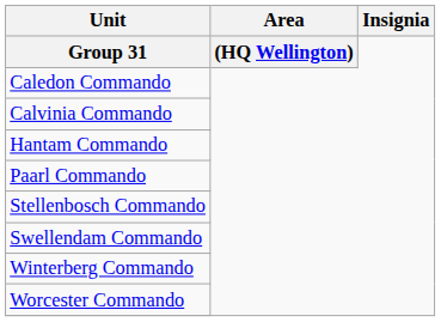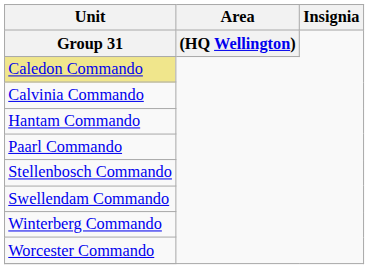 <table class="wikitable">
 <tr>
 <th>Unit</th>
 <th>Area</th>
 <th>Insignia</th>
 </tr>
 <tr>
 <th>Group 31</th>
 <th>(HQ <a href='#'>Wellington</a>)</th>
 </tr>
 <tr>
-<td><a href='#'>Caledon Commando</a></td>
+<td style="background: khaki;"><a href='#'>Caledon Commando</a></td>
 </tr>
 <tr>
 <td><a href='#'>Calvinia Commando</a></td>
 </tr>
 <tr>
 <td><a href='#'>Hantam Commando</a></td>
 </tr>
 <tr>
 <td><a href='#'>Paarl Commando</a></td>
 </tr>
 <tr>
 <td><a href='#'>Stellenbosch Commando</a></td>
 </tr>
 <tr>
 <td><a href='#'>Swellendam Commando</a></td>
 </tr>
 <tr>
 <td><a href='#'>Winterberg Commando</a></td>
 </tr>
 <tr>
 <td><a href='#'>Worcester Commando</a></td>
 </tr>
 <tr>
 </tr>
 </table>
